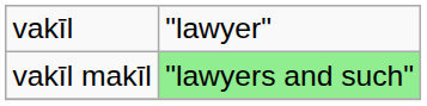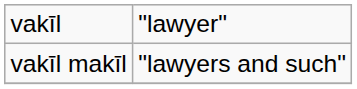 <table class=wikitable>
 <tr>
 <td>vakīl</td>
 <td>"lawyer"</td>
 </tr>
 <tr>
 <td>vakīl makīl</td>
-<td style="background: lightgreen;">"lawyers and such"</td>
+<td>"lawyers and such"</td>
 </tr>
 <tr>
 </tr>
 </table>
